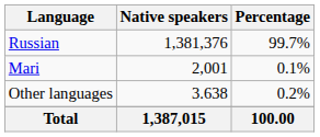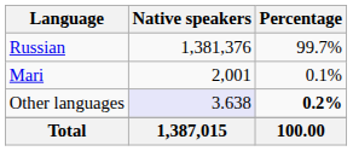 <table class="wikitable sortable">
 <tr>
 <th>Language</th>
 <th>Native speakers</th>
 <th>Percentage</th>
 </tr>
 <tr>
 <td><a href='#'>Russian</a></td>
 <td align="right">1,381,376</td>
 <td align="right">99.7%</td>
 </tr>
 <tr>
 <td><a href='#'>Mari</a></td>
 <td align="right">2,001</td>
 <td align="right">0.1%</td>
 </tr>
 <tr>
 <td>Other languages</td>
-<td align="right">3.638</td>
-<td align="right">0.2%</td>
+<td align="right" style="background: lavender;">3.638</td>
+<td align="right"><strong>0.2%</strong></td>
 </tr>
 <tr>
 </tr>
 <tr>
 <th>Total</th>
 <th>1,387,015</th>
 <th>100.00</th>
 </tr>
 </table>
